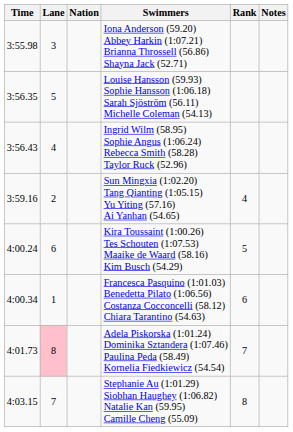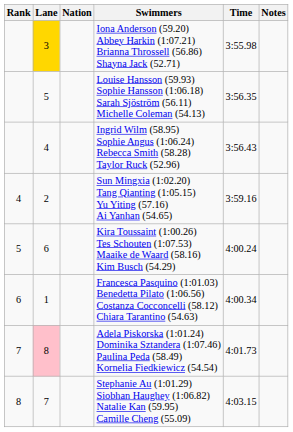 <table class="wikitable sortable" style="text-align:center">
 <tr>
-<th>Time</th>
+<th>Rank</th>
 <th>Lane</th>
 <th>Nation</th>
 <th>Swimmers</th>
-<th>Rank</th>
+<th>Time</th>
 <th>Notes</th>
 </tr>
 <tr>
-<td>3:55.98</td>
-<td>3</td>
+<td></td>
+<td style="background: gold;">3</td>
 <td align=left></td>
 <td align=left><a href='#'>Iona Anderson</a> (59.20)<br><a href='#'>Abbey Harkin</a> (1:07.21)<br><a href='#'>Brianna Throssell</a> (56.86)<br><a href='#'>Shayna Jack</a> (52.71)</td>
-<td></td>
+<td>3:55.98</td>
 <td></td>
 </tr>
 <tr>
-<td>3:56.35</td>
+<td></td>
 <td>5</td>
 <td align=left></td>
 <td align=left><a href='#'>Louise Hansson</a> (59.93)<br><a href='#'>Sophie Hansson</a> (1:06.18)<br><a href='#'>Sarah Sjöström</a> (56.11)<br><a href='#'>Michelle Coleman</a> (54.13)</td>
-<td></td>
+<td>3:56.35</td>
 <td></td>
 </tr>
 <tr>
-<td>3:56.43</td>
+<td></td>
 <td>4</td>
 <td align=left></td>
 <td align=left><a href='#'>Ingrid Wilm</a> (58.95)<br><a href='#'>Sophie Angus</a> (1:06.24)<br><a href='#'>Rebecca Smith</a> (58.28)<br><a href='#'>Taylor Ruck</a> (52.96)</td>
-<td></td>
+<td>3:56.43</td>
 <td></td>
 </tr>
 <tr>
-<td>3:59.16</td>
+<td>4</td>
 <td>2</td>
 <td align=left></td>
 <td align=left><a href='#'>Sun Mingxia</a> (1:02.20)<br><a href='#'>Tang Qianting</a> (1:05.15)<br><a href='#'>Yu Yiting</a> (57.16)<br><a href='#'>Ai Yanhan</a> (54.65)</td>
-<td>4</td>
+<td>3:59.16</td>
 <td></td>
 </tr>
 <tr>
-<td>4:00.24</td>
+<td>5</td>
 <td>6</td>
 <td align=left></td>
 <td align=left><a href='#'>Kira Toussaint</a> (1:00.26)<br><a href='#'>Tes Schouten</a> (1:07.53)<br><a href='#'>Maaike de Waard</a> (58.16)<br><a href='#'>Kim Busch</a> (54.29)</td>
-<td>5</td>
+<td>4:00.24</td>
 <td></td>
 </tr>
 <tr>
-<td>4:00.34</td>
+<td>6</td>
 <td>1</td>
 <td align=left></td>
 <td align=left><a href='#'>Francesca Pasquino</a> (1:01.03)<br><a href='#'>Benedetta Pilato</a> (1:06.56)<br><a href='#'>Costanza Cocconcelli</a> (58.12)<br><a href='#'>Chiara Tarantino</a> (54.63)</td>
-<td>6</td>
+<td>4:00.34</td>
 <td></td>
 </tr>
 <tr>
-<td>4:01.73</td>
+<td>7</td>
 <td style="background: pink;">8</td>
 <td align=left></td>
 <td align=left><a href='#'>Adela Piskorska</a> (1:01.24)<br><a href='#'>Dominika Sztandera</a> (1:07.46)<br><a href='#'>Paulina Peda</a> (58.49)<br><a href='#'>Kornelia Fiedkiewicz</a> (54.54)</td>
-<td>7</td>
+<td>4:01.73</td>
 <td></td>
 </tr>
 <tr>
-<td>4:03.15</td>
+<td>8</td>
 <td>7</td>
 <td align=left></td>
 <td align=left><a href='#'>Stephanie Au</a> (1:01.29)<br><a href='#'>Siobhan Haughey</a> (1:06.82)<br><a href='#'>Natalie Kan</a> (59.95)<br><a href='#'>Camille Cheng</a> (55.09)</td>
-<td>8</td>
+<td>4:03.15</td>
 <td></td>
 </tr>
 </table>
